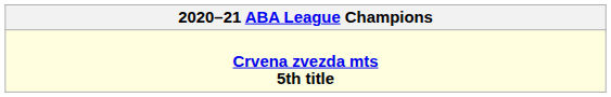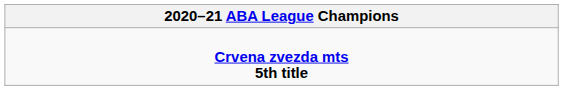 <table class="wikitable" style="margin: 0 auto; width: 30%;">
 <tr>
 <th>2020–21 <a href='#'>ABA League</a> Champions</th>
 </tr>
 <tr>
-<td align=center style="background: lightyellow;"><br><strong><a href='#'>Crvena zvezda mts</a></strong><br><strong>5th title</strong></td>
+<td align=center><br><strong><a href='#'>Crvena zvezda mts</a></strong><br><strong>5th title</strong></td>
 </tr>
 </table>
